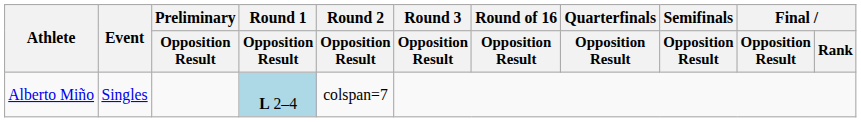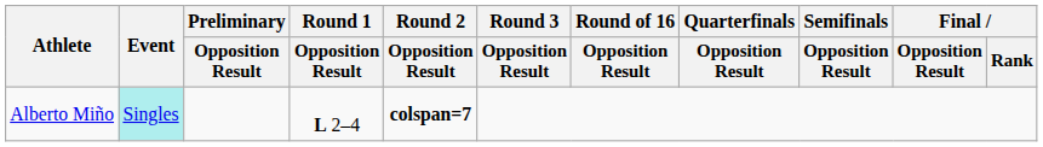 <table class=wikitable style="font-size:90%; text-align:center">
 <tr>
 <th rowspan=2>Athlete</th>
 <th rowspan=2>Event</th>
 <th>Preliminary</th>
 <th>Round 1</th>
 <th>Round 2</th>
 <th>Round 3</th>
 <th>Round of 16</th>
 <th>Quarterfinals</th>
 <th>Semifinals</th>
 <th colspan=2>Final / </th>
 </tr>
 <tr style=font-size:95%>
 <th>Opposition<br>Result</th>
 <th>Opposition<br>Result</th>
 <th>Opposition<br>Result</th>
 <th>Opposition<br>Result</th>
 <th>Opposition<br>Result</th>
 <th>Opposition<br>Result</th>
 <th>Opposition<br>Result</th>
 <th>Opposition<br>Result</th>
 <th>Rank</th>
 </tr>
 <tr align=center>
 <td align=left><a href='#'>Alberto Miño</a></td>
-<td align=left><a href='#'>Singles</a></td>
+<td align=left style="background: paleturquoise;"><a href='#'>Singles</a></td>
 <td></td>
-<td style="background: lightblue;"><br><strong>L</strong> 2–4</td>
-<td>colspan=7 </td>
+<td><br><strong>L</strong> 2–4</td>
+<td><strong>colspan=7 </strong></td>
 </tr>
 </table>
